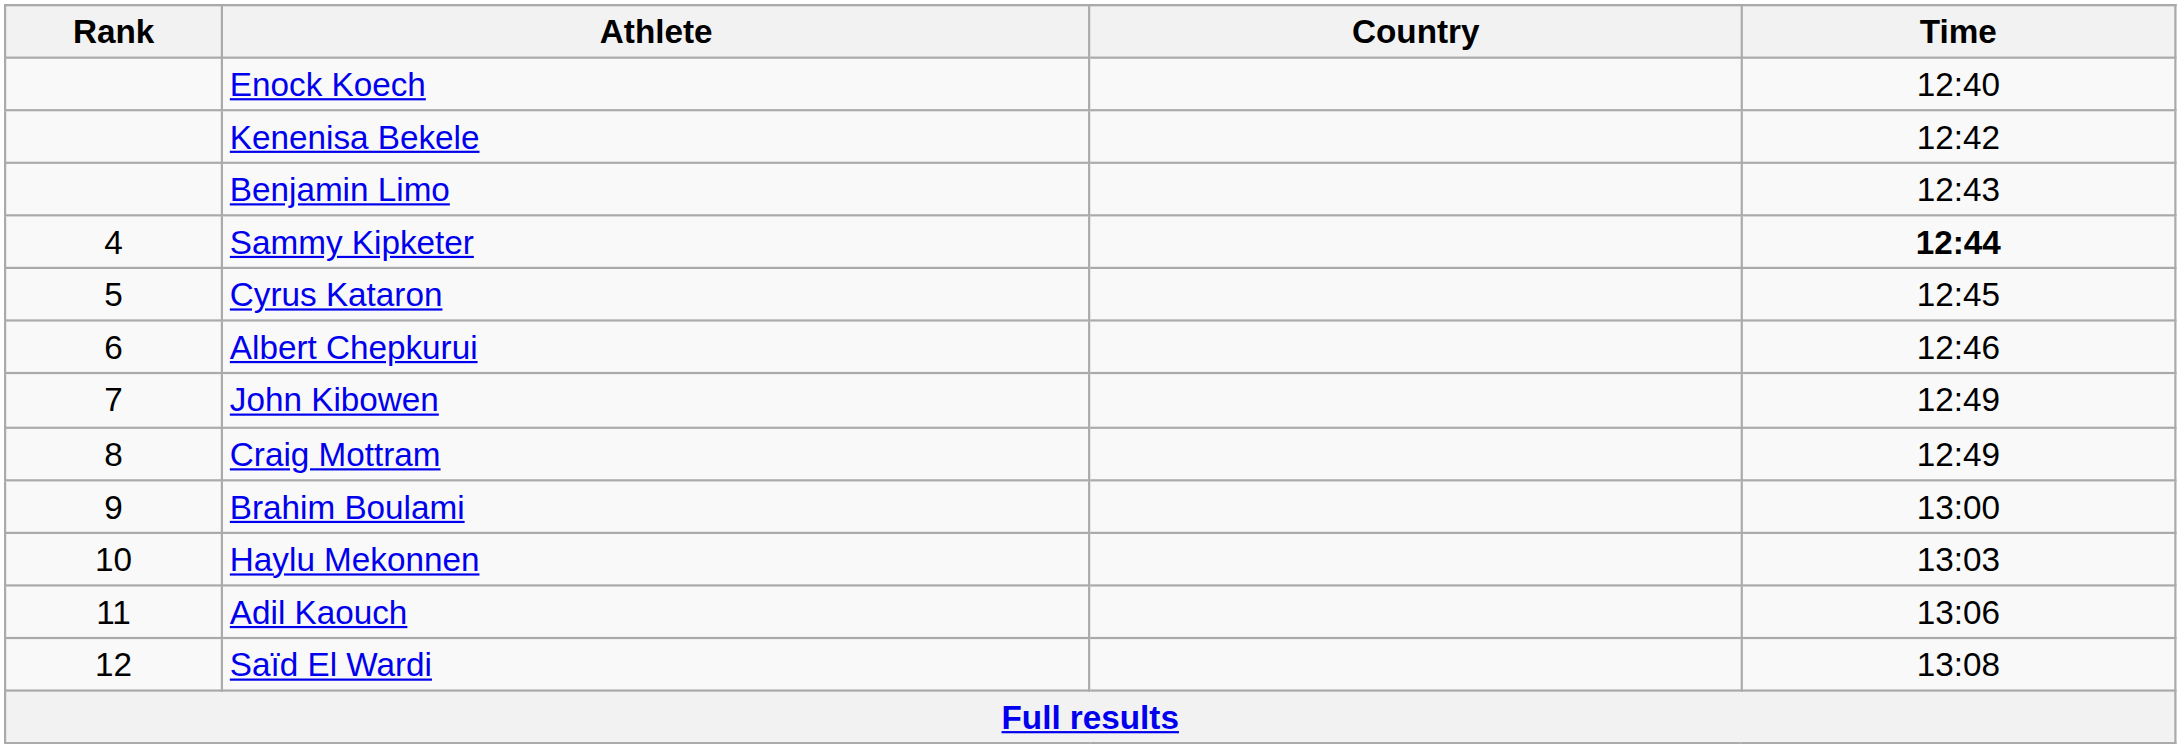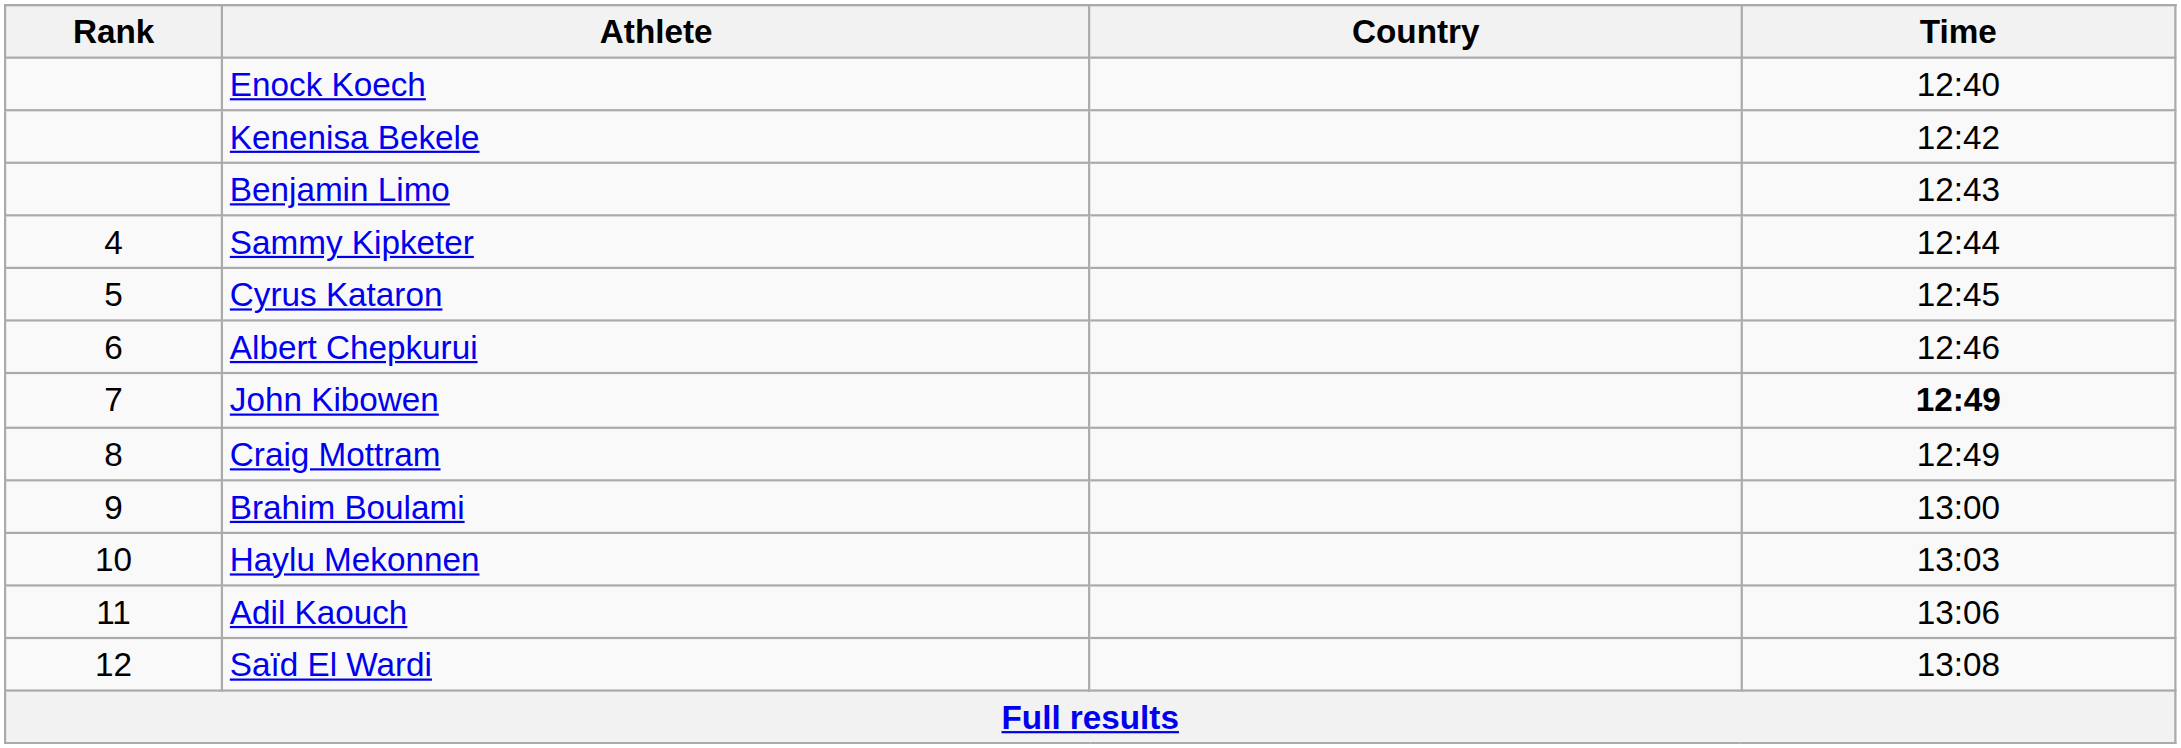 <table class="wikitable sortable" style=" text-align:center; font-size:95%;" width="50%">
 <tr>
 </tr>
 <tr>
 <th width=5%>Rank</th>
 <th width=20%>Athlete</th>
 <th width=15%>Country</th>
 <th width=10%>Time</th>
 </tr>
 <tr>
 <td align=center></td>
 <td align=left><a href='#'>Enock Koech</a></td>
 <td align=left></td>
 <td>12:40</td>
 </tr>
 <tr>
 <td align=center></td>
 <td align=left><a href='#'>Kenenisa Bekele</a></td>
 <td align=left></td>
 <td>12:42</td>
 </tr>
 <tr>
 <td align=center></td>
 <td align=left><a href='#'>Benjamin Limo</a></td>
 <td align=left></td>
 <td>12:43</td>
 </tr>
 <tr>
 <td align=center>4</td>
 <td align=left><a href='#'>Sammy Kipketer</a></td>
 <td align=left></td>
-<td><strong>12:44</strong></td>
+<td>12:44</td>
 </tr>
 <tr>
 <td align=center>5</td>
 <td align=left><a href='#'>Cyrus Kataron</a></td>
 <td align=left></td>
 <td>12:45</td>
 </tr>
 <tr>
 <td align=center>6</td>
 <td align=left><a href='#'>Albert Chepkurui</a></td>
 <td align=left></td>
 <td>12:46</td>
 </tr>
 <tr>
 <td align=center>7</td>
 <td align=left><a href='#'>John Kibowen</a></td>
 <td align=left></td>
-<td>12:49</td>
+<td><strong>12:49</strong></td>
 </tr>
 <tr>
 <td align=center>8</td>
 <td align=left><a href='#'>Craig Mottram</a></td>
 <td align=left></td>
 <td>12:49</td>
 </tr>
 <tr>
 <td align=center>9</td>
 <td align=left><a href='#'>Brahim Boulami</a></td>
 <td align=left></td>
 <td>13:00</td>
 </tr>
 <tr>
 <td align=center>10</td>
 <td align=left><a href='#'>Haylu Mekonnen</a></td>
 <td align=left></td>
 <td>13:03</td>
 </tr>
 <tr>
 <td align=center>11</td>
 <td align=left><a href='#'>Adil Kaouch</a></td>
 <td align=left></td>
 <td>13:06</td>
 </tr>
 <tr>
 <td align=center>12</td>
 <td align=left><a href='#'>Saïd El Wardi</a></td>
 <td align=left></td>
 <td>13:08</td>
 </tr>
 <tr class="sortbottom">
 <th colspan=4 align=center><a href='#'>Full results</a></th>
 </tr>
 </table>
